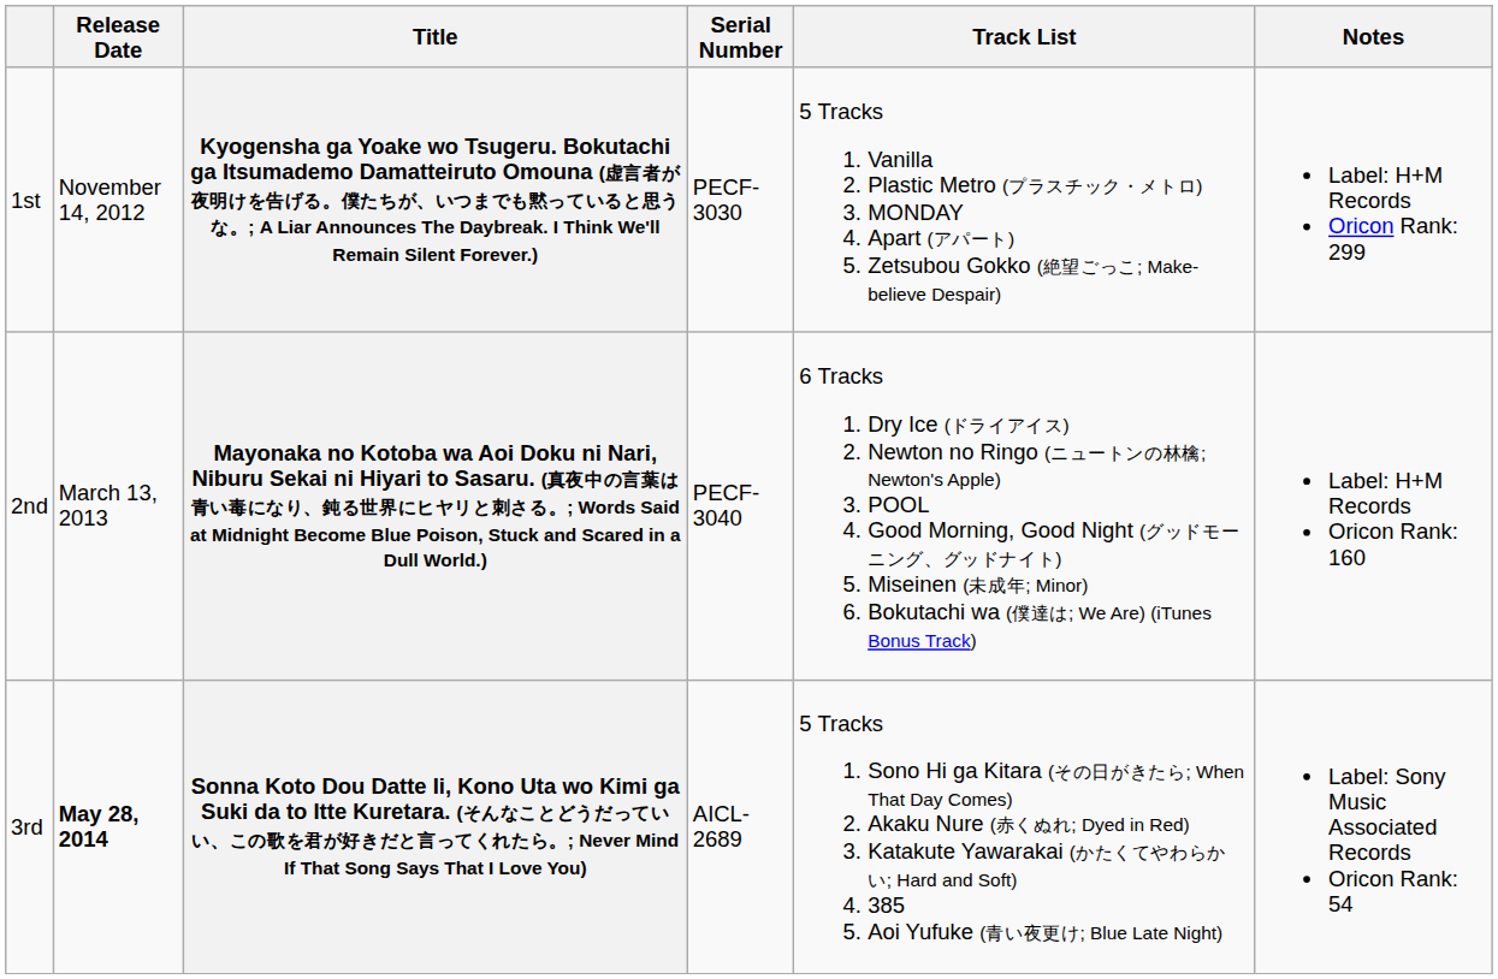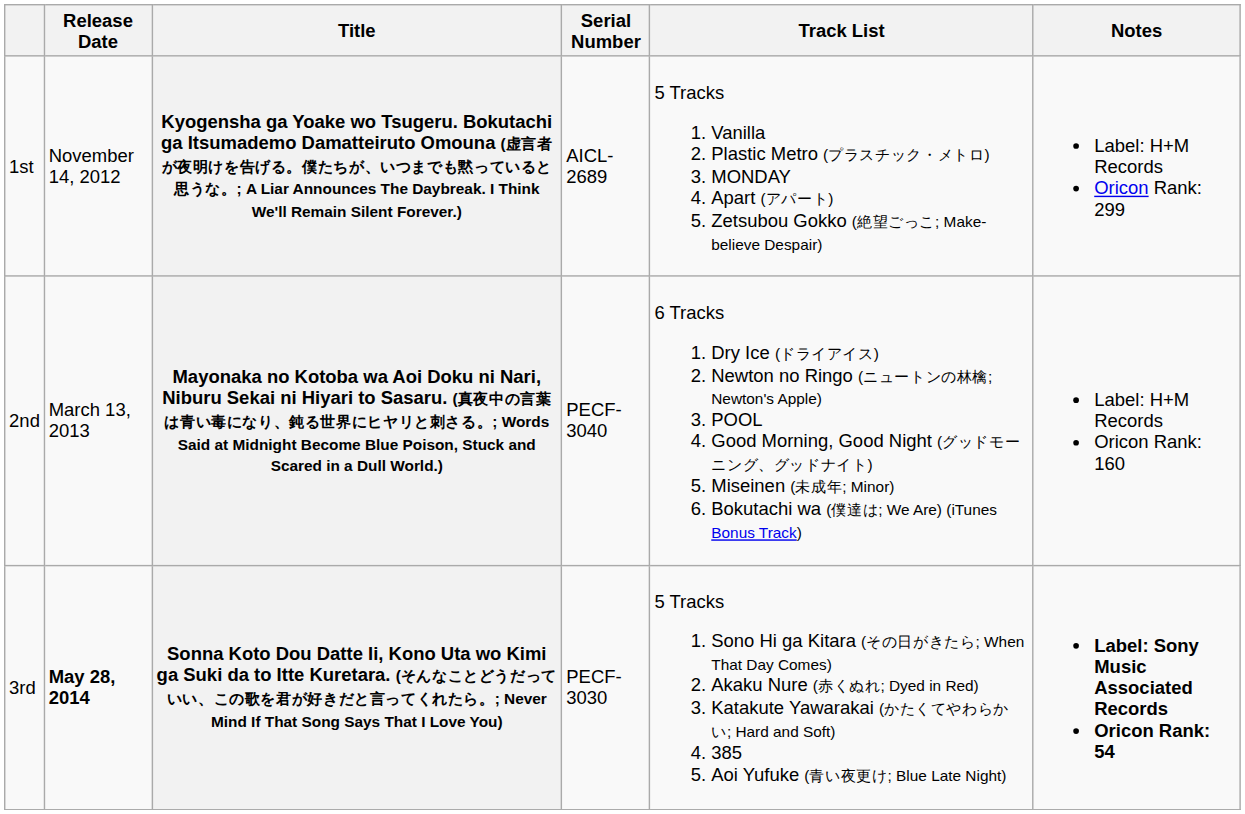 <table class="wikitable" style=font-size:small>
 <tr>
 <th> </th>
 <th>Release Date</th>
 <th>Title</th>
 <th>Serial Number</th>
 <th style="width:31%">Track List</th>
 <th>Notes</th>
 </tr>
 <tr>
 <td>1st</td>
 <td>November 14, 2012</td>
 <th>Kyogensha ga Yoake wo Tsugeru. Bokutachi ga Itsumademo Damatteiruto Omouna <small>(虚言者が夜明けを告げる。僕たちが、いつまでも黙っていると思うな。; A Liar Announces The Daybreak. I Think We'll Remain Silent Forever.)</small></th>
-<td>PECF-3030</td>
+<td>AICL-2689</td>
 <td><br>5 Tracks<ol><li>Vanilla</li><li>Plastic Metro <small>(プラスチック・メトロ)</small></li><li>MONDAY</li><li>Apart <small>(アパート)</small></li><li>Zetsubou Gokko <small>(絶望ごっこ; Make-believe Despair)</small></li></ol></td>
 <td><br><ul><li>Label: H+M Records</li><li><a href='#'>Oricon</a> Rank: 299</li></ul></td>
 </tr>
 <tr>
 <td>2nd</td>
 <td>March 13, 2013</td>
 <th>Mayonaka no Kotoba wa Aoi Doku ni Nari, Niburu Sekai ni Hiyari to Sasaru. <small>(真夜中の言葉は青い毒になり、鈍る世界にヒヤリと刺さる。; Words Said at Midnight Become Blue Poison, Stuck and Scared in a Dull World.)</small></th>
 <td>PECF-3040</td>
 <td><br>6 Tracks<ol><li>Dry Ice <small>(ドライアイス)</small></li><li>Newton no Ringo <small>(ニュートンの林檎; Newton's Apple)</small></li><li>POOL</li><li>Good Morning, Good Night <small>(グッドモーニング、グッドナイト)</small></li><li>Miseinen <small>(未成年; Minor)</small></li><li>Bokutachi wa <small>(僕達は; We Are) (iTunes <a href='#'>Bonus Track</a>)</small></li></ol></td>
 <td><br><ul><li>Label: H+M Records</li><li>Oricon Rank: 160</li></ul></td>
 </tr>
 <tr>
 <td>3rd</td>
 <td><strong>May 28, 2014</strong></td>
 <th>Sonna Koto Dou Datte Ii, Kono Uta wo Kimi ga Suki da to Itte Kuretara. <small>(そんなことどうだっていい、この歌を君が好きだと言ってくれたら。; Never Mind If That Song Says That I Love You)</small></th>
-<td>AICL-2689</td>
+<td>PECF-3030</td>
 <td><br>5 Tracks<ol><li>Sono Hi ga Kitara <small>(その日がきたら; When That Day Comes)</small></li><li>Akaku Nure <small>(赤くぬれ; Dyed in Red)</small></li><li>Katakute Yawarakai <small>(かたくてやわらかい; Hard and Soft)</small></li><li>385</li><li>Aoi Yufuke <small>(青い夜更け; Blue Late Night)</small></li></ol></td>
-<td><br><ul><li>Label: Sony Music Associated Records</li><li>Oricon Rank: 54</li></ul></td>
+<td><strong><br><ul><li>Label: Sony Music Associated Records</li><li>Oricon Rank: 54</li></ul></strong></td>
 </tr>
 <tr>
 </tr>
 </table>
